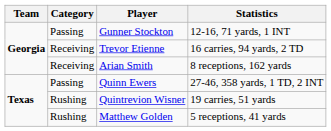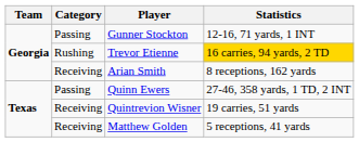 <table class="wikitable" style="float: right;">
 <tr>
 <th>Team</th>
 <th>Category</th>
 <th>Player</th>
 <th>Statistics</th>
 </tr>
 <tr>
 <td rowspan=3><strong>Georgia</strong></td>
 <td>Passing</td>
 <td><a href='#'>Gunner Stockton</a></td>
 <td>12-16, 71 yards, 1 INT</td>
 </tr>
 <tr>
-<td>Receiving</td>
+<td>Rushing</td>
 <td><a href='#'>Trevor Etienne</a></td>
-<td>16 carries, 94 yards, 2 TD</td>
+<td style="background: gold;">16 carries, 94 yards, 2 TD</td>
 </tr>
 <tr>
 <td>Receiving</td>
 <td><a href='#'>Arian Smith</a></td>
 <td>8 receptions, 162 yards</td>
 </tr>
 <tr>
 <td rowspan=3><strong>Texas</strong></td>
 <td>Passing</td>
 <td><a href='#'>Quinn Ewers</a></td>
 <td>27-46, 358 yards, 1 TD, 2 INT</td>
 </tr>
 <tr>
-<td>Rushing</td>
+<td>Receiving</td>
 <td><a href='#'>Quintrevion Wisner</a></td>
 <td>19 carries, 51 yards</td>
 </tr>
 <tr>
-<td>Rushing</td>
+<td>Receiving</td>
 <td><a href='#'>Matthew Golden</a></td>
 <td>5 receptions, 41 yards</td>
 </tr>
 </table>
